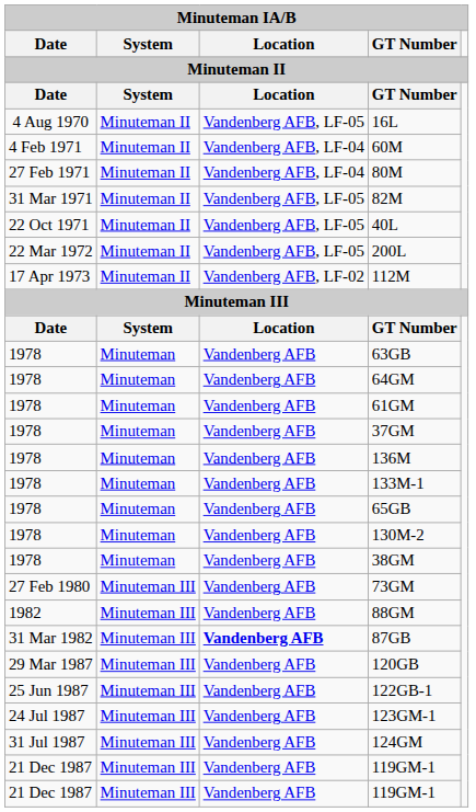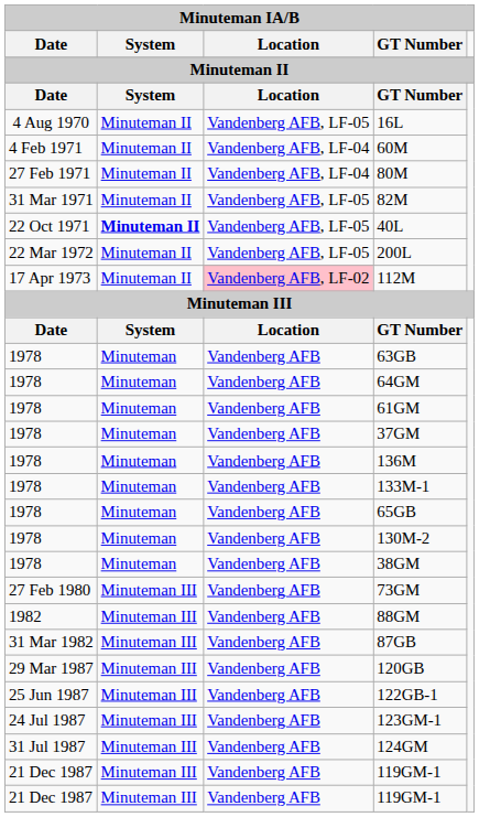 <table class="wikitable">
 <tr style="background:#cccccc;">
 <td colspan="5" align="center"><strong>Minuteman IA/B</strong></td>
 </tr>
 <tr>
 <th>Date</th>
 <th>System</th>
 <th>Location</th>
 <th>GT Number</th>
 <td></td>
 </tr>
 <tr style="background:#cccccc;">
 <td colspan="5" align="center"><strong>Minuteman II</strong></td>
 </tr>
 <tr>
 <th>Date</th>
 <th>System</th>
 <th>Location</th>
 <th>GT Number</th>
 </tr>
 <tr>
 <td align="center">4 Aug 1970</td>
 <td><a href='#'>Minuteman II</a></td>
 <td><a href='#'>Vandenberg AFB</a>, LF-05</td>
 <td>16L</td>
 </tr>
 <tr>
 <td>4 Feb 1971</td>
 <td><a href='#'>Minuteman II</a></td>
 <td><a href='#'>Vandenberg AFB</a>, LF-04</td>
 <td>60M</td>
 </tr>
 <tr>
 <td>27 Feb 1971</td>
 <td><a href='#'>Minuteman II</a></td>
 <td><a href='#'>Vandenberg AFB</a>, LF-04</td>
 <td>80M</td>
 </tr>
 <tr>
 <td>31 Mar 1971</td>
 <td><a href='#'>Minuteman II</a></td>
 <td><a href='#'>Vandenberg AFB</a>, LF-05</td>
 <td>82M</td>
 </tr>
 <tr>
 <td>22 Oct 1971</td>
-<td><a href='#'>Minuteman II</a></td>
+<td><strong><a href='#'>Minuteman II</a></strong></td>
 <td><a href='#'>Vandenberg AFB</a>, LF-05</td>
 <td>40L</td>
 </tr>
 <tr>
 <td>22 Mar 1972</td>
 <td><a href='#'>Minuteman II</a></td>
 <td><a href='#'>Vandenberg AFB</a>, LF-05</td>
 <td>200L</td>
 </tr>
 <tr>
 <td>17 Apr 1973</td>
 <td><a href='#'>Minuteman II</a></td>
-<td><a href='#'>Vandenberg AFB</a>, LF-02</td>
+<td style="background: pink;"><a href='#'>Vandenberg AFB</a>, LF-02</td>
 <td>112M</td>
 </tr>
 <tr style="background:#cccccc;">
 <td colspan="5" align="center"><strong>Minuteman III</strong></td>
 </tr>
 <tr>
 <th>Date</th>
 <th>System</th>
 <th>Location</th>
 <th>GT Number</th>
 </tr>
 <tr>
 <td>1978</td>
 <td><a href='#'>Minuteman</a></td>
 <td><a href='#'>Vandenberg AFB</a></td>
 <td>63GB</td>
 </tr>
 <tr>
 <td>1978</td>
 <td><a href='#'>Minuteman</a></td>
 <td><a href='#'>Vandenberg AFB</a></td>
 <td>64GM</td>
 </tr>
 <tr>
 <td>1978</td>
 <td><a href='#'>Minuteman</a></td>
 <td><a href='#'>Vandenberg AFB</a></td>
 <td>61GM</td>
 </tr>
 <tr>
 <td>1978</td>
 <td><a href='#'>Minuteman</a></td>
 <td><a href='#'>Vandenberg AFB</a></td>
 <td>37GM</td>
 </tr>
 <tr>
 <td>1978</td>
 <td><a href='#'>Minuteman</a></td>
 <td><a href='#'>Vandenberg AFB</a></td>
 <td>136M</td>
 </tr>
 <tr>
 <td>1978</td>
 <td><a href='#'>Minuteman</a></td>
 <td><a href='#'>Vandenberg AFB</a></td>
 <td>133M-1</td>
 </tr>
 <tr>
 <td>1978</td>
 <td><a href='#'>Minuteman</a></td>
 <td><a href='#'>Vandenberg AFB</a></td>
 <td>65GB</td>
 </tr>
 <tr>
 <td>1978</td>
 <td><a href='#'>Minuteman</a></td>
 <td><a href='#'>Vandenberg AFB</a></td>
 <td>130M-2</td>
 </tr>
 <tr>
 <td>1978</td>
 <td><a href='#'>Minuteman</a></td>
 <td><a href='#'>Vandenberg AFB</a></td>
 <td>38GM</td>
 </tr>
 <tr>
 <td>27 Feb 1980</td>
 <td><a href='#'>Minuteman III</a></td>
 <td><a href='#'>Vandenberg AFB</a></td>
 <td>73GM</td>
 </tr>
 <tr>
 <td>1982</td>
 <td><a href='#'>Minuteman III</a></td>
 <td><a href='#'>Vandenberg AFB</a></td>
 <td>88GM</td>
 </tr>
 <tr>
 <td>31 Mar 1982</td>
 <td><a href='#'>Minuteman III</a></td>
-<td><strong><a href='#'>Vandenberg AFB</a></strong></td>
+<td><a href='#'>Vandenberg AFB</a></td>
 <td>87GB</td>
 </tr>
 <tr>
 <td>29 Mar 1987</td>
 <td><a href='#'>Minuteman III</a></td>
 <td><a href='#'>Vandenberg AFB</a></td>
 <td>120GB</td>
 </tr>
 <tr>
 <td>25 Jun 1987</td>
 <td><a href='#'>Minuteman III</a></td>
 <td><a href='#'>Vandenberg AFB</a></td>
 <td>122GB-1</td>
 </tr>
 <tr>
 <td>24 Jul 1987</td>
 <td><a href='#'>Minuteman III</a></td>
 <td><a href='#'>Vandenberg AFB</a></td>
 <td>123GM-1</td>
 </tr>
 <tr>
 <td>31 Jul 1987</td>
 <td><a href='#'>Minuteman III</a></td>
 <td><a href='#'>Vandenberg AFB</a></td>
 <td>124GM</td>
 </tr>
 <tr>
 <td>21 Dec 1987</td>
 <td><a href='#'>Minuteman III</a></td>
 <td><a href='#'>Vandenberg AFB</a></td>
 <td>119GM-1</td>
 </tr>
 <tr>
 <td>21 Dec 1987</td>
 <td><a href='#'>Minuteman III</a></td>
 <td><a href='#'>Vandenberg AFB</a></td>
 <td>119GM-1</td>
 </tr>
 </table>
